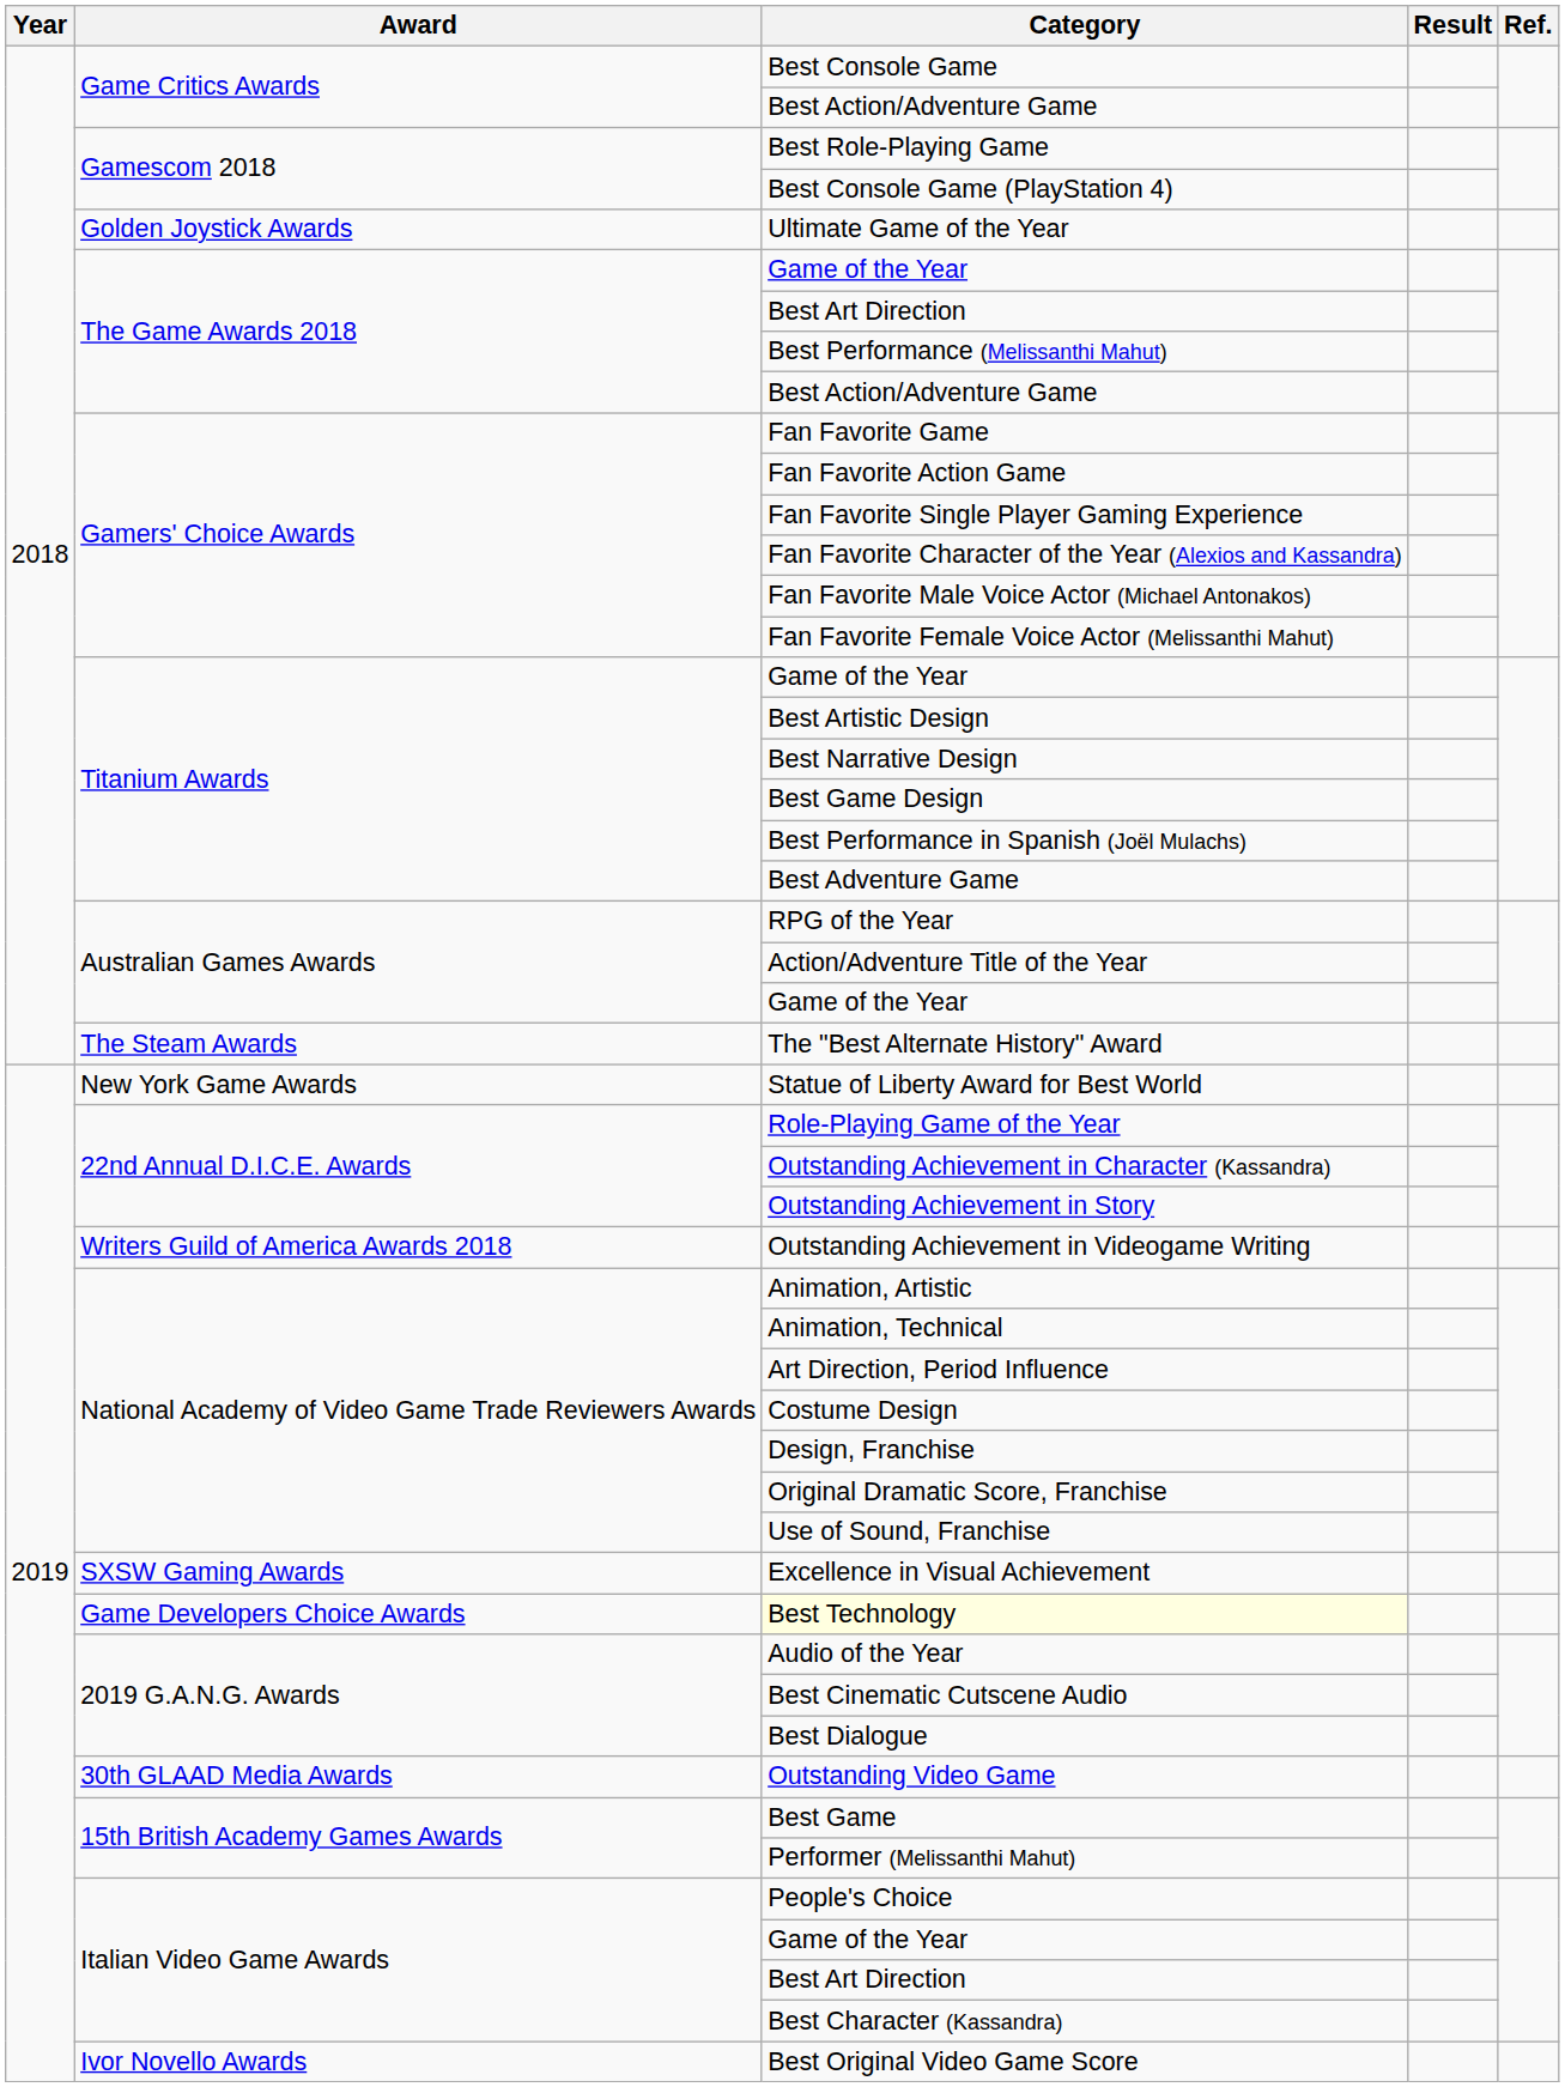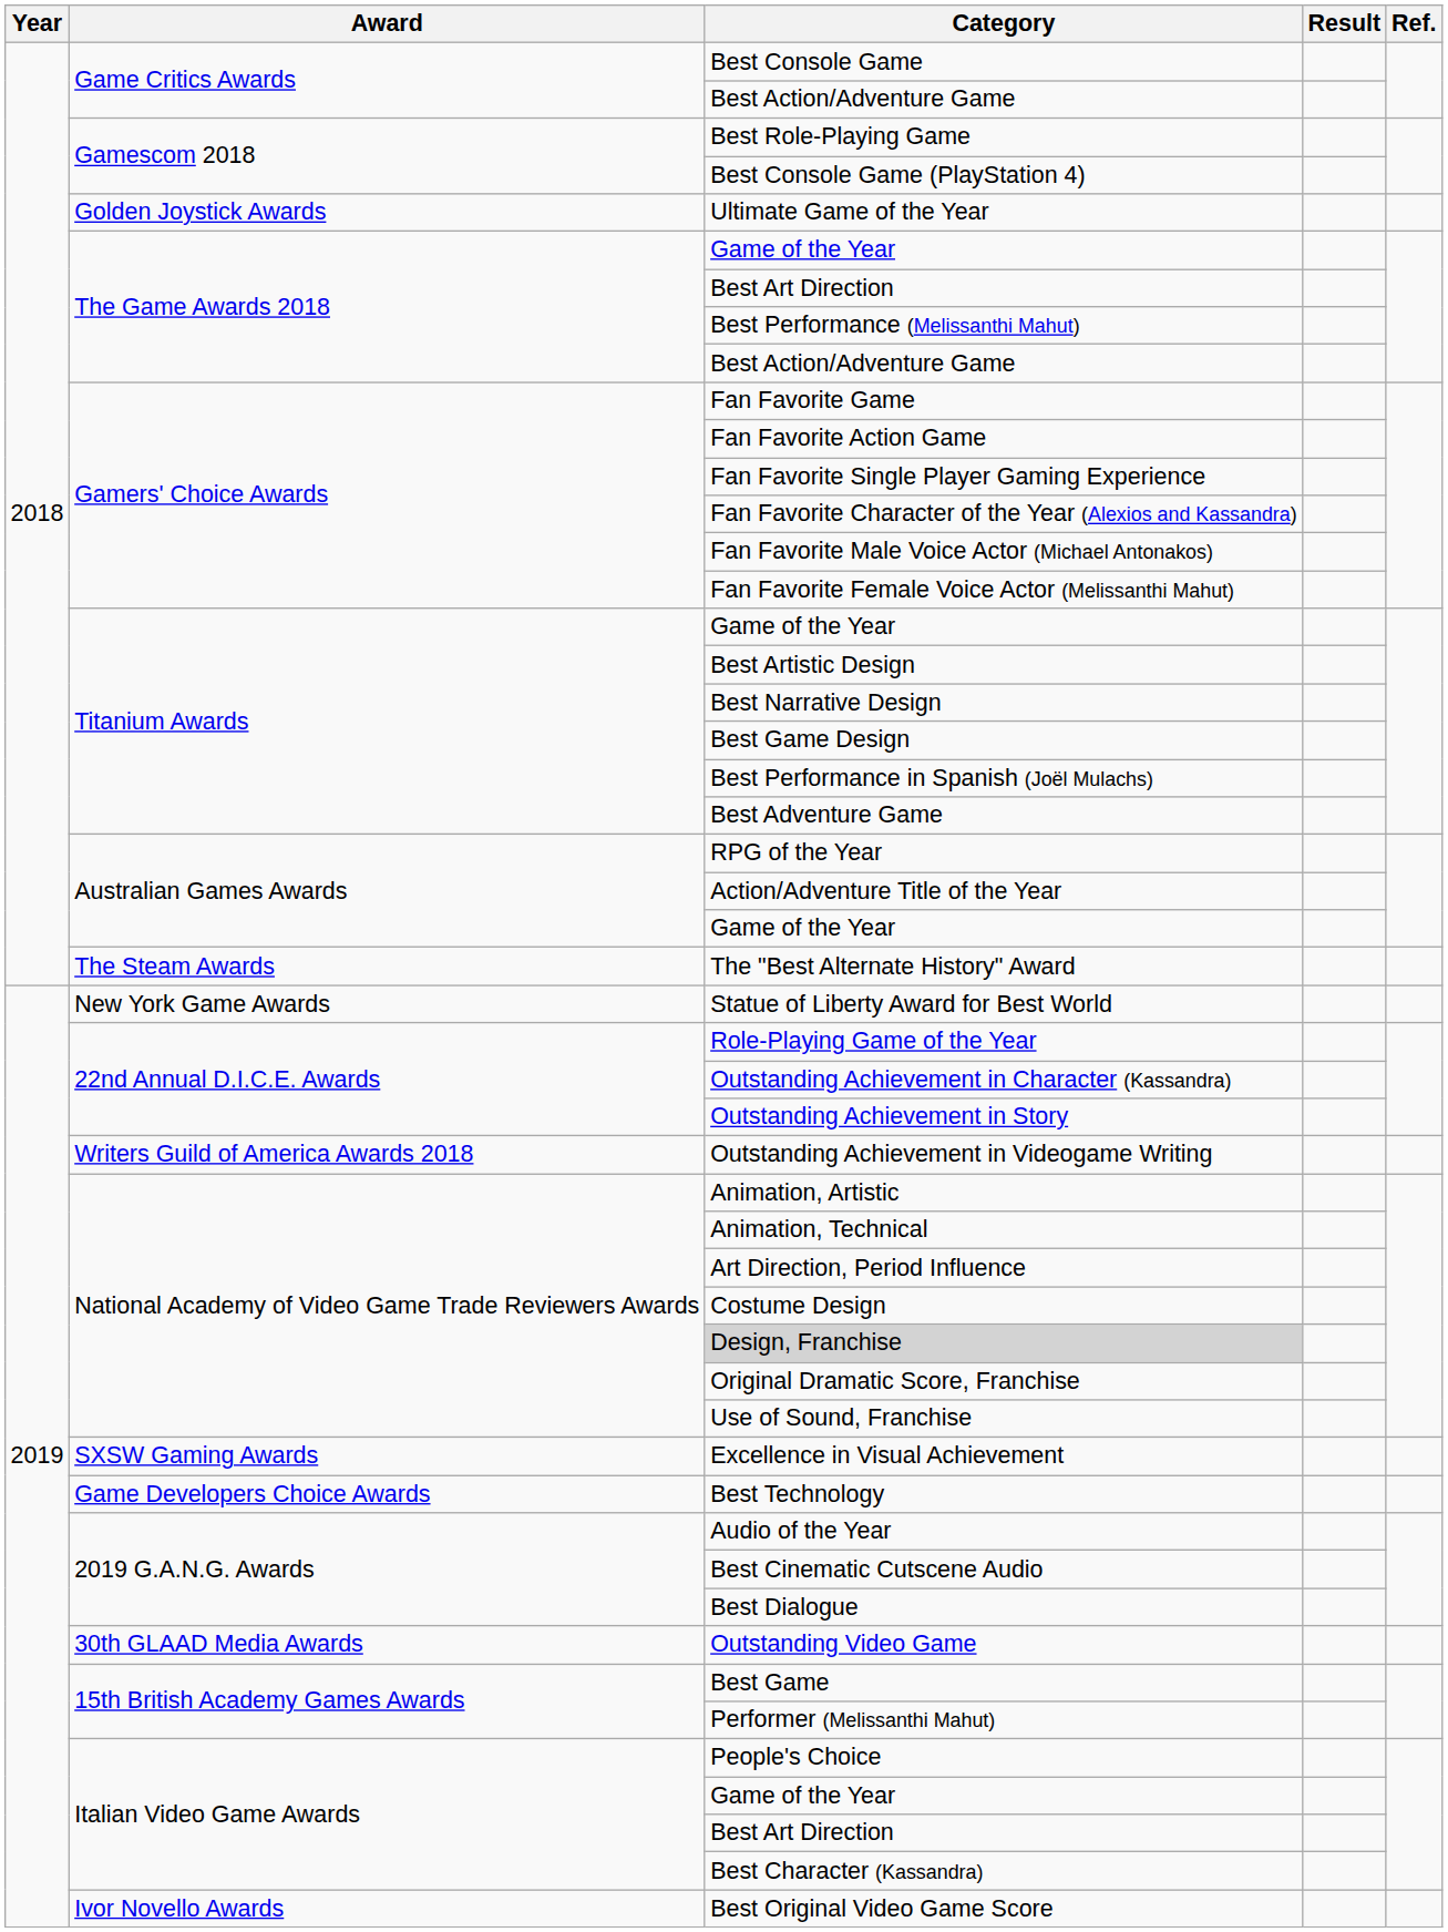 <table class="wikitable sortable">
 <tr>
 <th>Year</th>
 <th>Award</th>
 <th>Category</th>
 <th>Result</th>
 <th class="unsortable">Ref.</th>
 </tr>
 <tr>
 <td style="text-align:center;" rowspan="25">2018</td>
 <td rowspan="2"><a href='#'>Game Critics Awards</a></td>
 <td>Best Console Game</td>
 <td></td>
 <td rowspan="2" style="text-align:center;"></td>
 </tr>
 <tr>
 <td>Best Action/Adventure Game</td>
 <td></td>
 </tr>
 <tr>
 <td rowspan="2"><a href='#'>Gamescom</a> 2018</td>
 <td>Best Role-Playing Game</td>
 <td></td>
 <td rowspan="2" style="text-align:center;"></td>
 </tr>
 <tr>
 <td>Best Console Game (PlayStation 4)</td>
 <td></td>
 </tr>
 <tr>
 <td><a href='#'>Golden Joystick Awards</a></td>
 <td>Ultimate Game of the Year</td>
 <td></td>
 <td style="text-align:center;"><br></td>
 </tr>
 <tr>
 <td rowspan="4"><a href='#'>The Game Awards 2018</a></td>
 <td><a href='#'>Game of the Year</a></td>
 <td></td>
 <td rowspan="4" style="text-align:center;"></td>
 </tr>
 <tr>
 <td>Best Art Direction</td>
 <td></td>
 </tr>
 <tr>
 <td>Best Performance <small>(<a href='#'>Melissanthi Mahut</a>)</small></td>
 <td></td>
 </tr>
 <tr>
 <td>Best Action/Adventure Game</td>
 <td></td>
 </tr>
 <tr>
 <td rowspan="6"><a href='#'>Gamers' Choice Awards</a></td>
 <td>Fan Favorite Game</td>
 <td></td>
 <td rowspan="6" style="text-align:center;"></td>
 </tr>
 <tr>
 <td>Fan Favorite Action Game</td>
 <td></td>
 </tr>
 <tr>
 <td>Fan Favorite Single Player Gaming Experience</td>
 <td></td>
 </tr>
 <tr>
 <td>Fan Favorite Character of the Year <small>(<a href='#'>Alexios and Kassandra</a>)</small></td>
 <td></td>
 </tr>
 <tr>
 <td>Fan Favorite Male Voice Actor <small>(Michael Antonakos)</small></td>
 <td></td>
 </tr>
 <tr>
 <td>Fan Favorite Female Voice Actor <small>(Melissanthi Mahut)</small></td>
 <td></td>
 </tr>
 <tr>
 <td rowspan="6"><a href='#'>Titanium Awards</a></td>
 <td>Game of the Year</td>
 <td></td>
 <td rowspan="6" style="text-align:center;"><br></td>
 </tr>
 <tr>
 <td>Best Artistic Design</td>
 <td></td>
 </tr>
 <tr>
 <td>Best Narrative Design</td>
 <td></td>
 </tr>
 <tr>
 <td>Best Game Design</td>
 <td></td>
 </tr>
 <tr>
 <td>Best Performance in Spanish <small>(Joël Mulachs)</small></td>
 <td></td>
 </tr>
 <tr>
 <td>Best Adventure Game</td>
 <td></td>
 </tr>
 <tr>
 <td rowspan="3">Australian Games Awards</td>
 <td>RPG of the Year</td>
 <td></td>
 <td rowspan="3" style="text-align:center;"></td>
 </tr>
 <tr>
 <td>Action/Adventure Title of the Year</td>
 <td></td>
 </tr>
 <tr>
 <td>Game of the Year</td>
 <td></td>
 </tr>
 <tr>
 <td><a href='#'>The Steam Awards</a></td>
 <td>The "Best Alternate History" Award</td>
 <td></td>
 <td style="text-align:center;"></td>
 </tr>
 <tr>
 <td style="text-align:center;" rowspan="25">2019</td>
 <td>New York Game Awards</td>
 <td>Statue of Liberty Award for Best World</td>
 <td></td>
 <td style="text-align:center;"></td>
 </tr>
 <tr>
 <td rowspan="3"><a href='#'>22nd Annual D.I.C.E. Awards</a></td>
 <td><a href='#'>Role-Playing Game of the Year</a></td>
 <td></td>
 <td rowspan="3" style="text-align:center;"></td>
 </tr>
 <tr>
 <td><a href='#'>Outstanding Achievement in Character</a> <small>(Kassandra)</small></td>
 <td></td>
 </tr>
 <tr>
 <td><a href='#'>Outstanding Achievement in Story</a></td>
 <td></td>
 </tr>
 <tr>
 <td><a href='#'>Writers Guild of America Awards 2018</a></td>
 <td>Outstanding Achievement in Videogame Writing</td>
 <td></td>
 <td style="text-align:center;"></td>
 </tr>
 <tr>
 <td rowspan="7">National Academy of Video Game Trade Reviewers Awards</td>
 <td>Animation, Artistic</td>
 <td></td>
 <td rowspan="7" style="text-align:center;"></td>
 </tr>
 <tr>
 <td>Animation, Technical</td>
 <td></td>
 </tr>
 <tr>
 <td>Art Direction, Period Influence</td>
 <td></td>
 </tr>
 <tr>
 <td>Costume Design</td>
 <td></td>
 </tr>
 <tr>
-<td>Design, Franchise</td>
+<td style="background: lightgrey;">Design, Franchise</td>
 <td></td>
 </tr>
 <tr>
 <td>Original Dramatic Score, Franchise</td>
 <td></td>
 </tr>
 <tr>
 <td>Use of Sound, Franchise</td>
 <td></td>
 </tr>
 <tr>
 <td><a href='#'>SXSW Gaming Awards</a></td>
 <td>Excellence in Visual Achievement</td>
 <td></td>
 <td style="text-align:center;"></td>
 </tr>
 <tr>
 <td><a href='#'>Game Developers Choice Awards</a></td>
-<td style="background: lightyellow;">Best Technology</td>
+<td>Best Technology</td>
 <td></td>
 <td style="text-align:center;"></td>
 </tr>
 <tr>
 <td rowspan="3">2019 G.A.N.G. Awards</td>
 <td>Audio of the Year</td>
 <td></td>
 <td rowspan="3" style="text-align:center;"></td>
 </tr>
 <tr>
 <td>Best Cinematic Cutscene Audio</td>
 <td></td>
 </tr>
 <tr>
 <td>Best Dialogue</td>
 <td></td>
 </tr>
 <tr>
 <td><a href='#'>30th GLAAD Media Awards</a></td>
 <td><a href='#'>Outstanding Video Game</a></td>
 <td></td>
 <td style="text-align:center;"></td>
 </tr>
 <tr>
 <td rowspan="2"><a href='#'>15th British Academy Games Awards</a></td>
 <td>Best Game</td>
 <td></td>
 <td rowspan="2" style="text-align:center;"></td>
 </tr>
 <tr>
 <td>Performer <small>(Melissanthi Mahut)</small></td>
 <td></td>
 </tr>
 <tr>
 <td rowspan="4">Italian Video Game Awards</td>
 <td>People's Choice</td>
 <td></td>
 <td rowspan="4" style="text-align:center;"></td>
 </tr>
 <tr>
 <td>Game of the Year</td>
 <td></td>
 </tr>
 <tr>
 <td>Best Art Direction</td>
 <td></td>
 </tr>
 <tr>
 <td>Best Character <small>(Kassandra)</small></td>
 <td></td>
 </tr>
 <tr>
 <td><a href='#'>Ivor Novello Awards</a></td>
 <td>Best Original Video Game Score</td>
 <td></td>
 <td style="text-align:center;"></td>
 </tr>
 </table>
